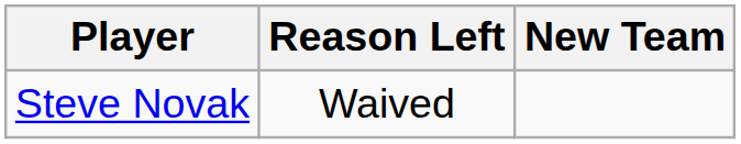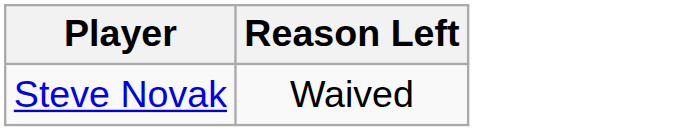 <table class="wikitable sortable sortable">
 <tr>
 <th>Player</th>
 <th>Reason Left</th>
-<th>New Team</th>
 </tr>
 <tr style="text-align: center">
 <td><a href='#'>Steve Novak</a></td>
 <td>Waived</td>
-<td></td>
 </tr>
 </table>
